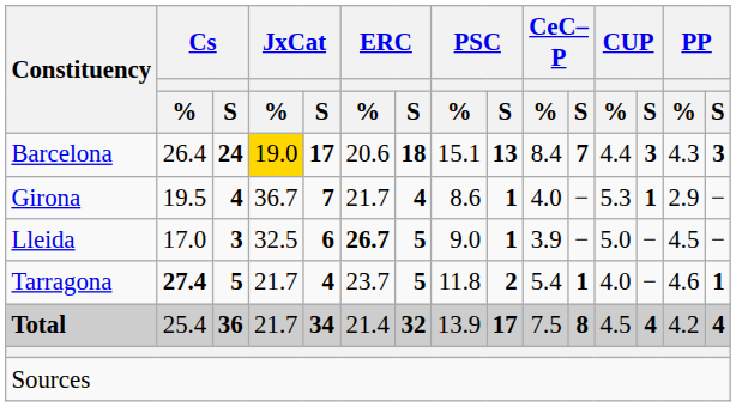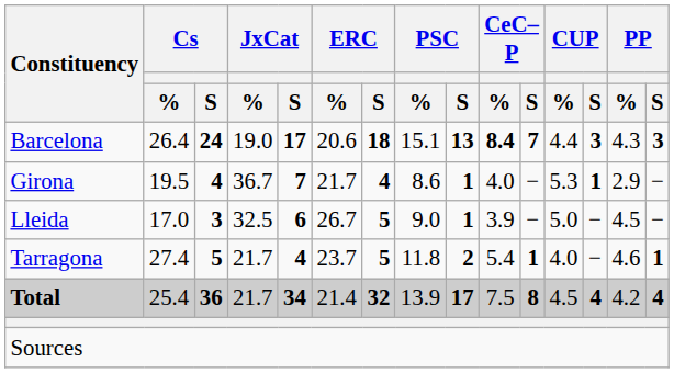 <table class="wikitable sortable" style="text-align:right; line-height:20px;">
 <tr>
 <th rowspan="3">Constituency</th>
 <th colspan="2" width="30px" class="unsortable"><a href='#'>Cs</a></th>
 <th colspan="2" width="30px" class="unsortable"><a href='#'>JxCat</a></th>
 <th colspan="2" width="30px" class="unsortable"><a href='#'>ERC</a></th>
 <th colspan="2" width="30px" class="unsortable"><a href='#'>PSC</a></th>
 <th colspan="2" width="30px" class="unsortable"><a href='#'>CeC–P</a></th>
 <th colspan="2" width="30px" class="unsortable"><a href='#'>CUP</a></th>
 <th colspan="2" width="30px" class="unsortable"><a href='#'>PP</a></th>
 </tr>
 <tr>
 <th colspan="2" style="background:"></th>
 <th colspan="2" style="background:"></th>
 <th colspan="2" style="background:"></th>
 <th colspan="2" style="background:"></th>
 <th colspan="2" style="background:"></th>
 <th colspan="2" style="background:"></th>
 <th colspan="2" style="background:"></th>
 </tr>
 <tr>
 <th data-sort-type="number">%</th>
 <th data-sort-type="number">S</th>
 <th data-sort-type="number">%</th>
 <th data-sort-type="number">S</th>
 <th data-sort-type="number">%</th>
 <th data-sort-type="number">S</th>
 <th data-sort-type="number">%</th>
 <th data-sort-type="number">S</th>
 <th data-sort-type="number">%</th>
 <th data-sort-type="number">S</th>
 <th data-sort-type="number">%</th>
 <th data-sort-type="number">S</th>
 <th data-sort-type="number">%</th>
 <th data-sort-type="number">S</th>
 </tr>
 <tr>
 <td align="left"><a href='#'>Barcelona</a></td>
 <td style="background:">26.4</td>
 <td><strong>24</strong></td>
-<td style="background: gold;">19.0</td>
+<td>19.0</td>
 <td><strong>17</strong></td>
 <td>20.6</td>
 <td><strong>18</strong></td>
 <td>15.1</td>
 <td><strong>13</strong></td>
-<td>8.4</td>
+<td><strong>8.4</strong></td>
 <td><strong>7</strong></td>
 <td>4.4</td>
 <td><strong>3</strong></td>
 <td>4.3</td>
 <td><strong>3</strong></td>
 </tr>
 <tr>
 <td align="left"><a href='#'>Girona</a></td>
 <td>19.5</td>
 <td><strong>4</strong></td>
 <td style="background:">36.7</td>
 <td><strong>7</strong></td>
 <td>21.7</td>
 <td><strong>4</strong></td>
 <td>8.6</td>
 <td><strong>1</strong></td>
 <td>4.0</td>
 <td>−</td>
 <td>5.3</td>
 <td><strong>1</strong></td>
 <td>2.9</td>
 <td>−</td>
 </tr>
 <tr>
 <td align="left"><a href='#'>Lleida</a></td>
 <td>17.0</td>
 <td><strong>3</strong></td>
 <td style="background:">32.5</td>
 <td><strong>6</strong></td>
-<td><strong>26.7</strong></td>
+<td>26.7</td>
 <td><strong>5</strong></td>
 <td>9.0</td>
 <td><strong>1</strong></td>
 <td>3.9</td>
 <td>−</td>
 <td>5.0</td>
 <td>−</td>
 <td>4.5</td>
 <td>−</td>
 </tr>
 <tr>
 <td align="left"><a href='#'>Tarragona</a></td>
-<td style="background:"><strong>27.4</strong></td>
+<td style="background:">27.4</td>
 <td><strong>5</strong></td>
 <td>21.7</td>
 <td><strong>4</strong></td>
 <td>23.7</td>
 <td><strong>5</strong></td>
 <td>11.8</td>
 <td><strong>2</strong></td>
 <td>5.4</td>
 <td><strong>1</strong></td>
 <td>4.0</td>
 <td>−</td>
 <td>4.6</td>
 <td><strong>1</strong></td>
 </tr>
 <tr style="background:#CDCDCD;">
 <td align="left"><strong>Total</strong></td>
 <td style="background:">25.4</td>
 <td><strong>36</strong></td>
 <td>21.7</td>
 <td><strong>34</strong></td>
 <td>21.4</td>
 <td><strong>32</strong></td>
 <td>13.9</td>
 <td><strong>17</strong></td>
 <td>7.5</td>
 <td><strong>8</strong></td>
 <td>4.5</td>
 <td><strong>4</strong></td>
 <td>4.2</td>
 <td><strong>4</strong></td>
 </tr>
 <tr>
 <th colspan="15"></th>
 </tr>
 <tr>
 <th style="text-align:left; font-weight:normal; background:#F9F9F9" colspan="15">Sources</th>
 </tr>
 </table>
